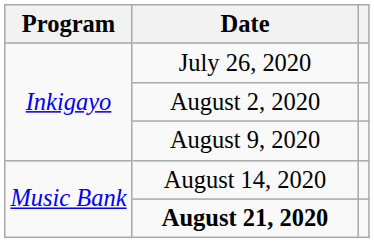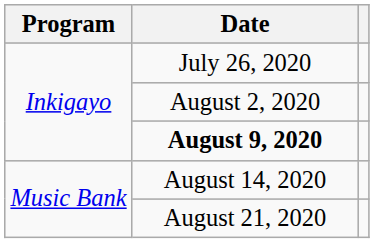 <table class="wikitable" style="text-align:center">
 <tr>
 <th>Program</th>
 <th width="140">Date</th>
 <th></th>
 </tr>
 <tr>
 <td rowspan="3"><em><a href='#'>Inkigayo</a></em></td>
 <td>July 26, 2020</td>
 <td style="text-align:center"></td>
 </tr>
 <tr>
 <td>August 2, 2020</td>
 <td style="text-align:center"></td>
 </tr>
 <tr>
-<td>August 9, 2020</td>
+<td><strong>August 9, 2020</strong></td>
 <td style="text-align:center"></td>
 </tr>
 <tr>
 <td rowspan="2"><em><a href='#'>Music Bank</a></em></td>
 <td>August 14, 2020</td>
 <td style="text-align:center"></td>
 </tr>
 <tr>
-<td><strong>August 21, 2020</strong></td>
+<td>August 21, 2020</td>
 <td style="text-align:center"></td>
 </tr>
 </table>
